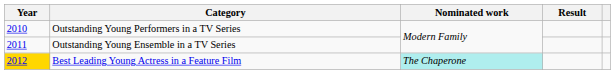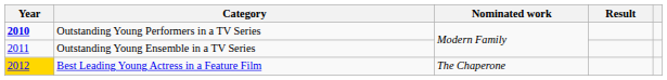 <table class="wikitable" style="width:75%;">
 <tr>
 <th>Year</th>
 <th>Category</th>
 <th>Nominated work</th>
 <th>Result</th>
 <th class="unsortable"></th>
 </tr>
 <tr>
-<td><a href='#'>2010</a></td>
+<td><strong><a href='#'>2010</a></strong></td>
 <td>Outstanding Young Performers in a TV Series</td>
 <td rowspan="2"><em>Modern Family</em></td>
 <td></td>
 <td align="center"></td>
 </tr>
 <tr>
 <td><a href='#'>2011</a></td>
 <td>Outstanding Young Ensemble in a TV Series</td>
 <td></td>
 <td align="center"></td>
 </tr>
 <tr>
 <td style="background: gold;"><a href='#'>2012</a></td>
 <td><a href='#'>Best Leading Young Actress in a Feature Film</a></td>
-<td style="background: paleturquoise;"><em>The Chaperone</em></td>
+<td><em>The Chaperone</em></td>
 <td></td>
 <td align="center"></td>
 </tr>
 </table>
